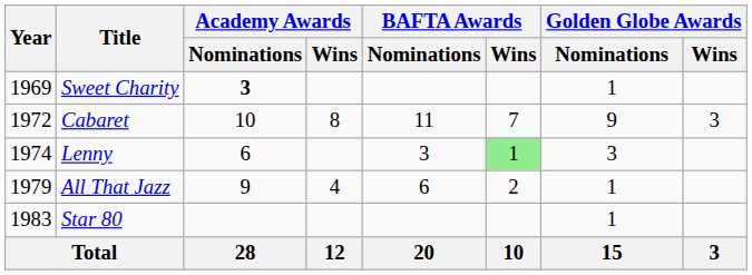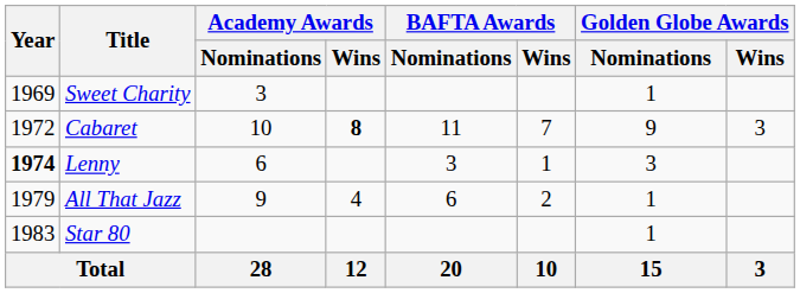 <table class="wikitable">
 <tr>
 <th rowspan="2">Year</th>
 <th rowspan="2">Title</th>
 <th colspan="2"><strong><a href='#'>Academy Awards</a></strong></th>
 <th colspan="2"><strong><a href='#'>BAFTA Awards</a></strong></th>
 <th colspan="2"><strong><a href='#'>Golden Globe Awards</a></strong></th>
 </tr>
 <tr>
 <th>Nominations</th>
 <th>Wins</th>
 <th>Nominations</th>
 <th>Wins</th>
 <th>Nominations</th>
 <th>Wins</th>
 </tr>
 <tr>
 <td>1969</td>
 <td><a href='#'><em>Sweet Charity</em></a></td>
-<td align=center><strong>3</strong></td>
+<td align=center>3</td>
 <td></td>
 <td></td>
 <td></td>
 <td align=center>1</td>
 <td></td>
 </tr>
 <tr>
 <td>1972</td>
 <td><a href='#'><em>Cabaret</em></a></td>
 <td align=center>10</td>
-<td align=center>8</td>
+<td align=center><strong>8</strong></td>
 <td align=center>11</td>
 <td align=center>7</td>
 <td align=center>9</td>
 <td align=center>3</td>
 </tr>
 <tr>
-<td>1974</td>
+<td><strong>1974</strong></td>
 <td><a href='#'><em>Lenny</em></a></td>
 <td align=center>6</td>
 <td></td>
 <td align=center>3</td>
-<td align=center style="background: lightgreen;">1</td>
+<td align=center>1</td>
 <td align=center>3</td>
 <td></td>
 </tr>
 <tr>
 <td>1979</td>
 <td><a href='#'><em>All That Jazz</em></a></td>
 <td align=center>9</td>
 <td align=center>4</td>
 <td align=center>6</td>
 <td align=center>2</td>
 <td align=center>1</td>
 <td></td>
 </tr>
 <tr>
 <td>1983</td>
 <td><em><a href='#'>Star 80</a></em></td>
 <td></td>
 <td></td>
 <td></td>
 <td></td>
 <td align=center>1</td>
 <td></td>
 </tr>
 <tr>
 <th colspan="2">Total</th>
 <th>28</th>
 <th>12</th>
 <th>20</th>
 <th>10</th>
 <th>15</th>
 <th>3</th>
 </tr>
 </table>
